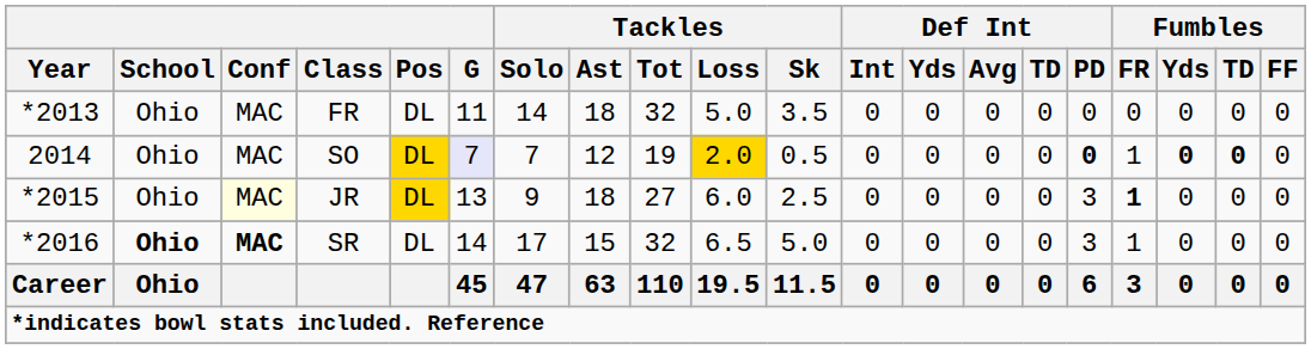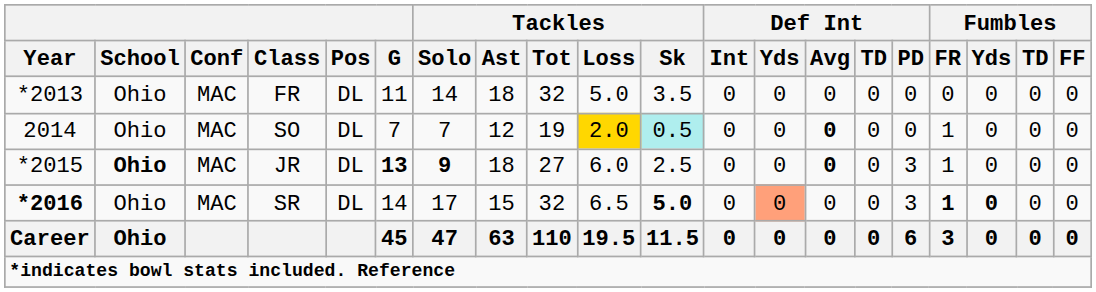 <table class=wikitable style="text-align:center;">
 <tr>
 <th colspan=6></th>
 <th colspan=5>Tackles</th>
 <th colspan=5>Def Int</th>
 <th colspan=4>Fumbles</th>
 </tr>
 <tr>
 <th>Year</th>
 <th>School</th>
 <th>Conf</th>
 <th>Class</th>
 <th>Pos</th>
 <th>G</th>
 <th>Solo</th>
 <th>Ast</th>
 <th>Tot</th>
 <th>Loss</th>
 <th>Sk</th>
 <th>Int</th>
 <th>Yds</th>
 <th>Avg</th>
 <th>TD</th>
 <th>PD</th>
 <th>FR</th>
 <th>Yds</th>
 <th>TD</th>
 <th>FF</th>
 </tr>
 <tr>
 <td>*2013</td>
 <td>Ohio</td>
 <td>MAC</td>
 <td>FR</td>
 <td>DL</td>
 <td>11</td>
 <td>14</td>
 <td>18</td>
 <td>32</td>
 <td>5.0</td>
 <td>3.5</td>
 <td>0</td>
 <td>0</td>
 <td>0</td>
 <td>0</td>
 <td>0</td>
 <td>0</td>
 <td>0</td>
 <td>0</td>
 <td>0</td>
 </tr>
 <tr>
 <td>2014</td>
 <td>Ohio</td>
 <td>MAC</td>
 <td>SO</td>
-<td style="background: gold;">DL</td>
-<td style="background: lavender;">7</td>
+<td>DL</td>
+<td>7</td>
 <td>7</td>
 <td>12</td>
 <td>19</td>
 <td style="background: gold;">2.0</td>
-<td>0.5</td>
-<td>0</td>
-<td>0</td>
+<td style="background: paleturquoise;">0.5</td>
 <td>0</td>
 <td>0</td>
 <td><strong>0</strong></td>
+<td>0</td>
+<td>0</td>
 <td>1</td>
-<td><strong>0</strong></td>
-<td><strong>0</strong></td>
+<td>0</td>
+<td>0</td>
 <td>0</td>
 </tr>
 <tr>
 <td>*2015</td>
-<td>Ohio</td>
-<td style="background: lightyellow;">MAC</td>
+<td><strong>Ohio</strong></td>
+<td>MAC</td>
 <td>JR</td>
-<td style="background: gold;">DL</td>
-<td>13</td>
-<td>9</td>
+<td>DL</td>
+<td><strong>13</strong></td>
+<td><strong>9</strong></td>
 <td>18</td>
 <td>27</td>
 <td>6.0</td>
 <td>2.5</td>
 <td>0</td>
 <td>0</td>
-<td>0</td>
+<td><strong>0</strong></td>
 <td>0</td>
 <td>3</td>
-<td><strong>1</strong></td>
+<td>1</td>
 <td>0</td>
 <td>0</td>
 <td>0</td>
 </tr>
 <tr>
-<td>*2016</td>
-<td><strong>Ohio</strong></td>
-<td><strong>MAC</strong></td>
+<td><strong>*2016</strong></td>
+<td>Ohio</td>
+<td>MAC</td>
 <td>SR</td>
 <td>DL</td>
 <td>14</td>
 <td>17</td>
 <td>15</td>
 <td>32</td>
 <td>6.5</td>
-<td>5.0</td>
+<td><strong>5.0</strong></td>
 <td>0</td>
-<td>0</td>
+<td style="background: lightsalmon;">0</td>
 <td>0</td>
 <td>0</td>
 <td>3</td>
-<td>1</td>
-<td>0</td>
+<td><strong>1</strong></td>
+<td><strong>0</strong></td>
 <td>0</td>
 <td>0</td>
 </tr>
 <tr>
 <th>Career</th>
 <th>Ohio</th>
 <th></th>
 <th></th>
 <th></th>
 <th>45</th>
 <th>47</th>
 <th>63</th>
 <th>110</th>
 <th>19.5</th>
 <th>11.5</th>
 <th>0</th>
 <th>0</th>
 <th>0</th>
 <th>0</th>
 <th>6</th>
 <th>3</th>
 <th>0</th>
 <th>0</th>
 <th>0</th>
 </tr>
 <tr>
 <td colspan="20" style="font-size: 8pt" align="left"><strong>*indicates bowl stats included. Reference</strong></td>
 </tr>
 </table>
